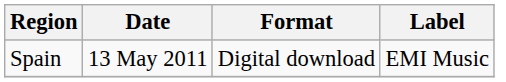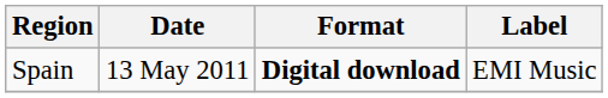 <table class=wikitable>
 <tr>
 <th>Region</th>
 <th>Date</th>
 <th>Format</th>
 <th>Label</th>
 </tr>
 <tr>
 <td>Spain</td>
 <td>13 May 2011</td>
-<td>Digital download</td>
+<td><strong>Digital download</strong></td>
 <td>EMI Music</td>
 </tr>
 <tr>
 </tr>
 </table>
